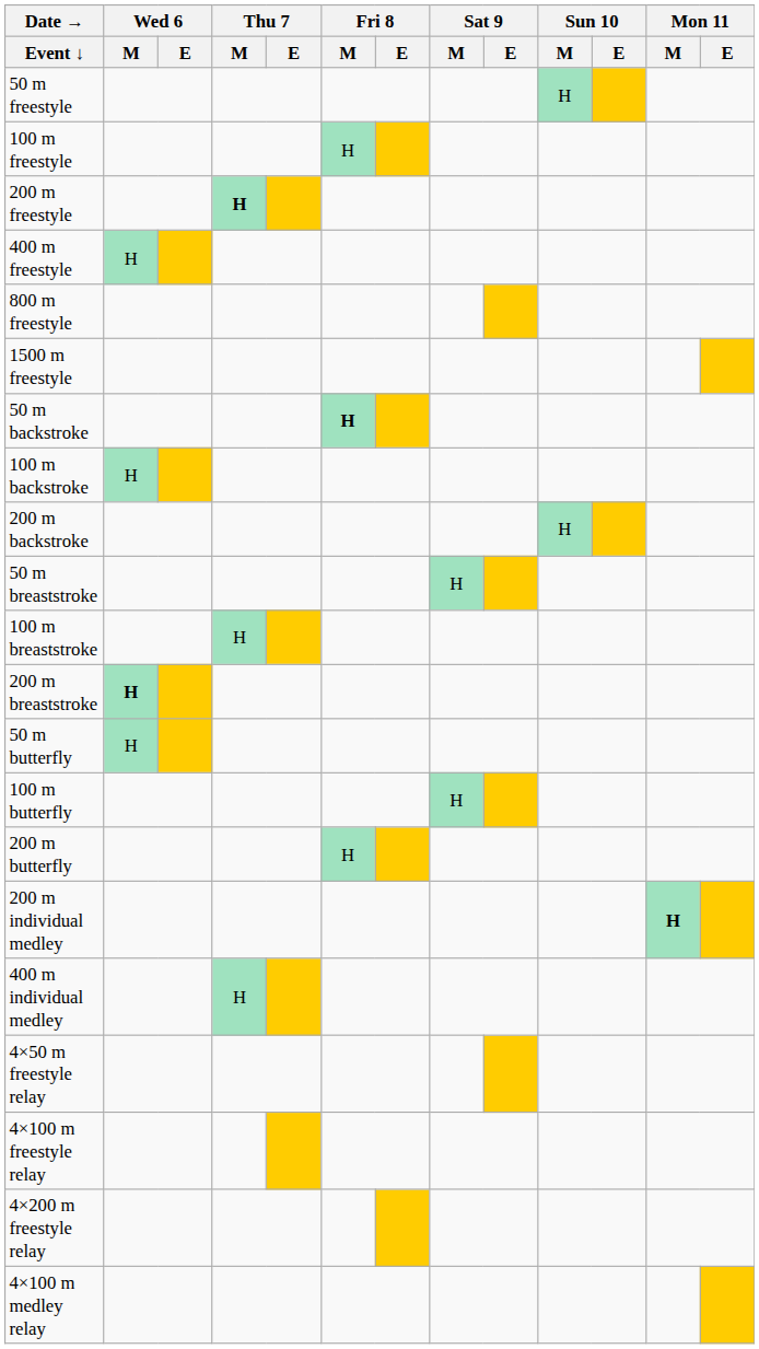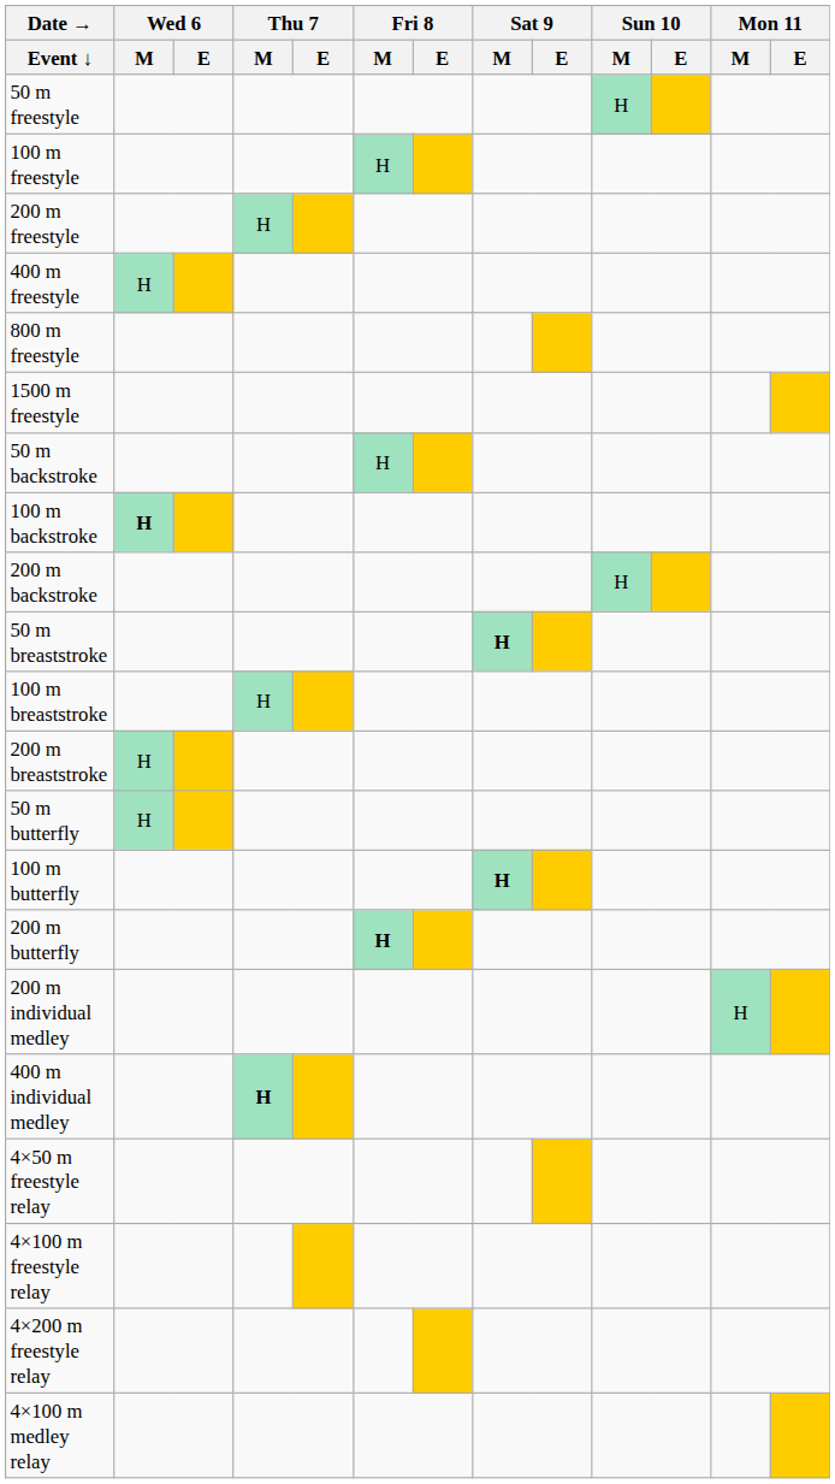 <table class="wikitable" style="margin:0.5em auto; font-size:95%; line-height:1.25em;">
 <tr style="text-align:center;">
 <th>Date →</th>
 <th colspan="2">Wed 6</th>
 <th colspan="2">Thu 7</th>
 <th colspan="2">Fri 8</th>
 <th colspan="2">Sat 9</th>
 <th colspan="2">Sun 10</th>
 <th colspan="2">Mon 11</th>
 </tr>
 <tr>
 <th>Event   ↓</th>
 <th style="width:2.5em;">M</th>
 <th style="width:2.5em;">E</th>
 <th style="width:2.5em;">M</th>
 <th style="width:2.5em;">E</th>
 <th style="width:2.5em;">M</th>
 <th style="width:2.5em;">E</th>
 <th style="width:2.5em;">M</th>
 <th style="width:2.5em;">E</th>
 <th style="width:2.5em;">M</th>
 <th style="width:2.5em;">E</th>
 <th style="width:2.5em;">M</th>
 <th style="width:2.5em;">E</th>
 </tr>
 <tr style="text-align:center;">
 <td style="text-align:left;">50 m freestyle</td>
 <td colspan="2"></td>
 <td colspan="2"></td>
 <td colspan="2"></td>
 <td colspan="2"></td>
 <td style="background-color:#9fe2bf;">H</td>
 <td style="background-color:#ffcc00;"></td>
 <td colspan="2"></td>
 </tr>
 <tr style="text-align:center;">
 <td style="text-align:left;">100 m freestyle</td>
 <td colspan="2"></td>
 <td colspan="2"></td>
 <td style="background-color:#9fe2bf;">H</td>
 <td style="background-color:#ffcc00;"></td>
 <td colspan="2"></td>
 <td colspan="2"></td>
 <td colspan="2"></td>
 </tr>
 <tr style="text-align:center;">
 <td style="text-align:left;">200 m freestyle</td>
 <td colspan="2"></td>
-<td style="background-color:#9fe2bf;"><strong>H</strong></td>
+<td style="background-color:#9fe2bf;">H</td>
 <td style="background-color:#ffcc00;"></td>
 <td colspan="2"></td>
 <td colspan="2"></td>
 <td colspan="2"></td>
 <td colspan="2"></td>
 </tr>
 <tr style="text-align:center;">
 <td style="text-align:left;">400 m freestyle</td>
 <td style="background-color:#9fe2bf;">H</td>
 <td style="background-color:#ffcc00;"></td>
 <td colspan="2"></td>
 <td colspan="2"></td>
 <td colspan="2"></td>
 <td colspan="2"></td>
 <td colspan="2"></td>
 </tr>
 <tr style="text-align:center;">
 <td style="text-align:left;">800 m freestyle</td>
 <td colspan="2"></td>
 <td colspan="2"></td>
 <td colspan="2"></td>
 <td></td>
 <td style="background-color:#ffcc00;"></td>
 <td colspan="2"></td>
 <td colspan="2"></td>
 </tr>
 <tr style="text-align:center;">
 <td style="text-align:left;">1500 m freestyle</td>
 <td colspan="2"></td>
 <td colspan="2"></td>
 <td colspan="2"></td>
 <td colspan="2"></td>
 <td colspan="2"></td>
 <td></td>
 <td style="background-color:#ffcc00;"></td>
 </tr>
 <tr style="text-align:center;">
 <td style="text-align:left;">50 m backstroke</td>
 <td colspan="2"></td>
 <td colspan="2"></td>
-<td style="background-color:#9fe2bf;"><strong>H</strong></td>
+<td style="background-color:#9fe2bf;">H</td>
 <td style="background-color:#ffcc00;"></td>
 <td colspan="2"></td>
 <td colspan="2"></td>
 <td colspan="2"></td>
 </tr>
 <tr style="text-align:center;">
 <td style="text-align:left;">100 m backstroke</td>
-<td style="background-color:#9fe2bf;">H</td>
+<td style="background-color:#9fe2bf;"><strong>H</strong></td>
 <td style="background-color:#ffcc00;"></td>
 <td colspan="2"></td>
 <td colspan="2"></td>
 <td colspan="2"></td>
 <td colspan="2"></td>
 <td colspan="2"></td>
 </tr>
 <tr style="text-align:center;">
 <td style="text-align:left;">200 m backstroke</td>
 <td colspan="2"></td>
 <td colspan="2"></td>
 <td colspan="2"></td>
 <td colspan="2"></td>
 <td style="background-color:#9fe2bf;">H</td>
 <td style="background-color:#ffcc00;"></td>
 <td colspan="2"></td>
 </tr>
 <tr style="text-align:center;">
 <td style="text-align:left;">50 m breaststroke</td>
 <td colspan="2"></td>
 <td colspan="2"></td>
 <td colspan="2"></td>
-<td style="background-color:#9fe2bf;">H</td>
+<td style="background-color:#9fe2bf;"><strong>H</strong></td>
 <td style="background-color:#ffcc00;"></td>
 <td colspan="2"></td>
 <td colspan="2"></td>
 </tr>
 <tr style="text-align:center;">
 <td style="text-align:left;">100 m breaststroke</td>
 <td colspan="2"></td>
 <td style="background-color:#9fe2bf;">H</td>
 <td style="background-color:#ffcc00;"></td>
 <td colspan="2"></td>
 <td colspan="2"></td>
 <td colspan="2"></td>
 <td colspan="2"></td>
 </tr>
 <tr style="text-align:center;">
 <td style="text-align:left;">200 m breaststroke</td>
-<td style="background-color:#9fe2bf;"><strong>H</strong></td>
+<td style="background-color:#9fe2bf;">H</td>
 <td style="background-color:#ffcc00;"></td>
 <td colspan="2"></td>
 <td colspan="2"></td>
 <td colspan="2"></td>
 <td colspan="2"></td>
 <td colspan="2"></td>
 </tr>
 <tr style="text-align:center;">
 <td style="text-align:left;">50 m butterfly</td>
 <td style="background-color:#9fe2bf;">H</td>
 <td style="background-color:#ffcc00;"></td>
 <td colspan="2"></td>
 <td colspan="2"></td>
 <td colspan="2"></td>
 <td colspan="2"></td>
 <td colspan="2"></td>
 </tr>
 <tr style="text-align:center;">
 <td style="text-align:left;">100 m butterfly</td>
 <td colspan="2"></td>
 <td colspan="2"></td>
 <td colspan="2"></td>
-<td style="background-color:#9fe2bf;">H</td>
+<td style="background-color:#9fe2bf;"><strong>H</strong></td>
 <td style="background-color:#ffcc00;"></td>
 <td colspan="2"></td>
 <td colspan="2"></td>
 </tr>
 <tr style="text-align:center;">
 <td style="text-align:left;">200 m butterfly</td>
 <td colspan="2"></td>
 <td colspan="2"></td>
-<td style="background-color:#9fe2bf;">H</td>
+<td style="background-color:#9fe2bf;"><strong>H</strong></td>
 <td style="background-color:#ffcc00;"></td>
 <td colspan="2"></td>
 <td colspan="2"></td>
 <td colspan="2"></td>
 </tr>
 <tr style="text-align:center;">
 <td style="text-align:left;">200 m individual medley</td>
 <td colspan="2"></td>
 <td colspan="2"></td>
 <td colspan="2"></td>
 <td colspan="2"></td>
 <td colspan="2"></td>
-<td style="background-color:#9fe2bf;"><strong>H</strong></td>
+<td style="background-color:#9fe2bf;">H</td>
 <td style="background-color:#ffcc00;"></td>
 </tr>
 <tr style="text-align:center;">
 <td style="text-align:left;">400 m individual medley</td>
 <td colspan="2"></td>
-<td style="background-color:#9fe2bf;">H</td>
+<td style="background-color:#9fe2bf;"><strong>H</strong></td>
 <td style="background-color:#ffcc00;"></td>
 <td colspan="2"></td>
 <td colspan="2"></td>
 <td colspan="2"></td>
 <td colspan="2"></td>
 </tr>
 <tr style="text-align:center;">
 <td style="text-align:left;">4×50 m freestyle relay</td>
 <td colspan="2"></td>
 <td colspan="2"></td>
 <td colspan="2"></td>
 <td></td>
 <td style="background-color:#ffcc00;"></td>
 <td colspan="2"></td>
 <td colspan="2"></td>
 </tr>
 <tr style="text-align:center;">
 <td style="text-align:left;">4×100 m freestyle relay</td>
 <td colspan="2"></td>
 <td></td>
 <td style="background-color:#ffcc00;"></td>
 <td colspan="2"></td>
 <td colspan="2"></td>
 <td colspan="2"></td>
 <td colspan="2"></td>
 </tr>
 <tr style="text-align:center;">
 <td style="text-align:left;">4×200 m freestyle relay</td>
 <td colspan="2"></td>
 <td colspan="2"></td>
 <td></td>
 <td style="background-color:#ffcc00;"></td>
 <td colspan="2"></td>
 <td colspan="2"></td>
 <td colspan="2"></td>
 </tr>
 <tr style="text-align:center;">
 <td style="text-align:left;">4×100 m medley relay</td>
 <td colspan="2"></td>
 <td colspan="2"></td>
 <td colspan="2"></td>
 <td colspan="2"></td>
 <td colspan="2"></td>
 <td></td>
 <td style="background-color:#ffcc00;"></td>
 </tr>
 </table>
